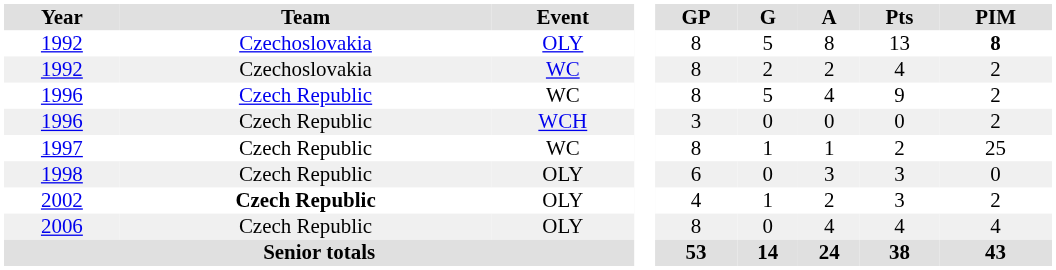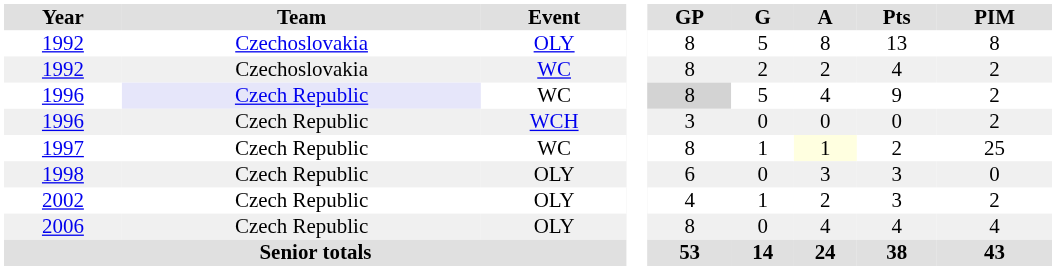 <table border="0" cellpadding="1" cellspacing="0" style="text-align:center; width:50em">
 <tr ALIGN="center" bgcolor="#e0e0e0">
 <th>Year</th>
 <th>Team</th>
 <th>Event</th>
 <th rowspan="99" bgcolor="#ffffff"> </th>
 <th>GP</th>
 <th>G</th>
 <th>A</th>
 <th>Pts</th>
 <th>PIM</th>
 </tr>
 <tr>
 <td><a href='#'>1992</a></td>
 <td><a href='#'>Czechoslovakia</a></td>
 <td><a href='#'>OLY</a></td>
 <td>8</td>
 <td>5</td>
 <td>8</td>
 <td>13</td>
-<td><strong>8</strong></td>
+<td>8</td>
 </tr>
 <tr bgcolor="#f0f0f0">
 <td><a href='#'>1992</a></td>
 <td>Czechoslovakia</td>
 <td><a href='#'>WC</a></td>
 <td>8</td>
 <td>2</td>
 <td>2</td>
 <td>4</td>
 <td>2</td>
 </tr>
 <tr>
 <td><a href='#'>1996</a></td>
-<td><a href='#'>Czech Republic</a></td>
+<td style="background: lavender;"><a href='#'>Czech Republic</a></td>
 <td>WC</td>
-<td>8</td>
+<td style="background: lightgrey;">8</td>
 <td>5</td>
 <td>4</td>
 <td>9</td>
 <td>2</td>
 </tr>
 <tr bgcolor="#f0f0f0">
 <td><a href='#'>1996</a></td>
 <td>Czech Republic</td>
 <td><a href='#'>WCH</a></td>
 <td>3</td>
 <td>0</td>
 <td>0</td>
 <td>0</td>
 <td>2</td>
 </tr>
 <tr>
 <td><a href='#'>1997</a></td>
 <td>Czech Republic</td>
 <td>WC</td>
 <td>8</td>
 <td>1</td>
-<td>1</td>
+<td style="background: lightyellow;">1</td>
 <td>2</td>
 <td>25</td>
 </tr>
 <tr bgcolor="#f0f0f0">
 <td><a href='#'>1998</a></td>
 <td>Czech Republic</td>
 <td>OLY</td>
 <td>6</td>
 <td>0</td>
 <td>3</td>
 <td>3</td>
 <td>0</td>
 </tr>
 <tr>
 </tr>
 <tr>
 <td><a href='#'>2002</a></td>
-<td><strong>Czech Republic</strong></td>
+<td>Czech Republic</td>
 <td>OLY</td>
 <td>4</td>
 <td>1</td>
 <td>2</td>
 <td>3</td>
 <td>2</td>
 </tr>
 <tr bgcolor="#f0f0f0">
 <td><a href='#'>2006</a></td>
 <td>Czech Republic</td>
 <td>OLY</td>
 <td>8</td>
 <td>0</td>
 <td>4</td>
 <td>4</td>
 <td>4</td>
 </tr>
 <tr bgcolor="#e0e0e0">
 <th colspan=3>Senior totals</th>
 <th>53</th>
 <th>14</th>
 <th>24</th>
 <th>38</th>
 <th>43</th>
 </tr>
 </table>
